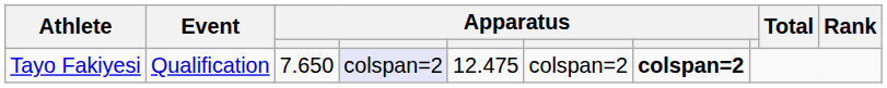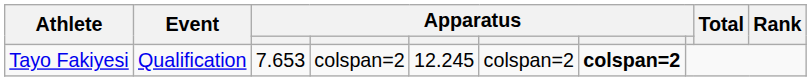 <table class="wikitable" style="font-size:90%">
 <tr>
 <th rowspan=2>Athlete</th>
 <th rowspan=2>Event</th>
 <th colspan=6>Apparatus</th>
 <th rowspan=2>Total</th>
 <th rowspan=2>Rank</th>
 </tr>
 <tr style="font-size:95%">
 <th></th>
 <th></th>
 <th></th>
 <th></th>
 <th></th>
 <th></th>
 </tr>
 <tr align=center>
 <td align=left><a href='#'>Tayo Fakiyesi</a></td>
 <td align=left><a href='#'>Qualification</a></td>
-<td>7.650</td>
-<td style="background: lavender;">colspan=2 </td>
-<td>12.475</td>
+<td>7.653</td>
+<td>colspan=2 </td>
+<td>12.245</td>
 <td>colspan=2 </td>
 <td><strong>colspan=2 </strong></td>
 </tr>
 </table>
